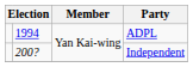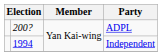 <table class="wikitable">
 <tr>
 <th colspan="2">Election</th>
 <th>Member</th>
 <th>Party</th>
 </tr>
 <tr>
 <td style="background-color: "></td>
-<td><a href='#'>1994</a></td>
+<td><em>200?</em></td>
 <td rowspan=2>Yan Kai-wing</td>
 <td><a href='#'>ADPL</a></td>
 </tr>
 <tr>
 <td style="background-color: "></td>
-<td><em>200?</em></td>
+<td><a href='#'>1994</a></td>
 <td><a href='#'>Independent</a></td>
 </tr>
 <tr>
 </tr>
 </table>
